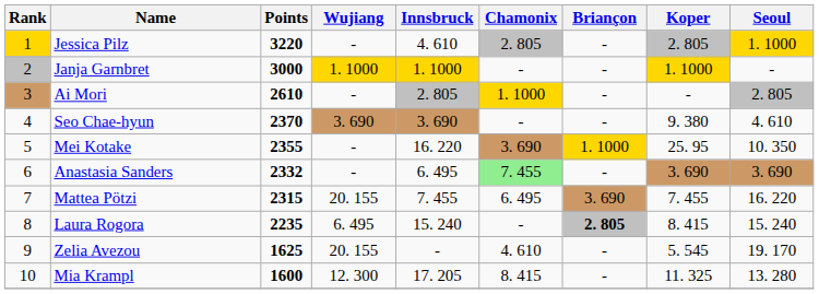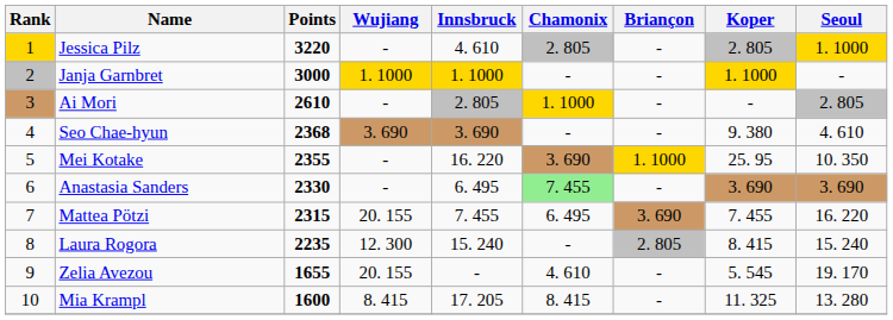 <table class="wikitable sortable">
 <tr>
 <th>Rank</th>
 <th width = "200">Name</th>
 <th>Points</th>
 <th width = "75" data-sort-type="number"><a href='#'>Wujiang</a></th>
 <th width = "75" data-sort-type="number"><a href='#'>Innsbruck</a></th>
 <th width = "75" data-sort-type="number"><a href='#'>Chamonix</a></th>
 <th width = "75" data-sort-type="number"><a href='#'>Briançon</a></th>
 <th width = "75" data-sort-type="number"><a href='#'>Koper</a></th>
 <th width = "75" data-sort-type="number"><a href='#'>Seoul</a></th>
 </tr>
 <tr>
 <td align="center" style="background: gold">1</td>
 <td> <a href='#'>Jessica Pilz</a></td>
 <td align="center"><strong>3220</strong></td>
 <td align="center">-</td>
 <td align="center">4. 610</td>
 <td align="center" style="background: silver">2. 805</td>
 <td align="center">-</td>
 <td align="center" style="background: silver">2. 805</td>
 <td align="center" style="background: gold">1. 1000</td>
 </tr>
 <tr>
 <td align="center" style="background: silver">2</td>
 <td> <a href='#'>Janja Garnbret</a></td>
 <td align="center"><strong>3000</strong></td>
 <td align="center" style="background: gold">1. 1000</td>
 <td align="center" style="background: gold">1. 1000</td>
 <td align="center">-</td>
 <td align="center">-</td>
 <td align="center" style="background: gold">1. 1000</td>
 <td align="center">-</td>
 </tr>
 <tr>
 <td align="center" style="background: #cc9966">3</td>
 <td> <a href='#'>Ai Mori</a></td>
 <td align="center"><strong>2610</strong></td>
 <td align="center">-</td>
 <td align="center" style="background: silver">2. 805</td>
 <td align="center" style="background: gold">1. 1000</td>
 <td align="center">-</td>
 <td align="center">-</td>
 <td align="center" style="background: silver">2. 805</td>
 </tr>
 <tr>
 <td align="center">4</td>
 <td> <a href='#'>Seo Chae-hyun</a></td>
-<td align="center"><strong>2370</strong></td>
+<td align="center"><strong>2368</strong></td>
 <td align="center" style="background: #cc9966">3. 690</td>
 <td align="center" style="background: #cc9966">3. 690</td>
 <td align="center">-</td>
 <td align="center">-</td>
 <td align="center">9. 380</td>
 <td align="center">4. 610</td>
 </tr>
 <tr>
 <td align="center">5</td>
 <td> <a href='#'>Mei Kotake</a></td>
 <td align="center"><strong>2355</strong></td>
 <td align="center">-</td>
 <td align="center">16. 220</td>
 <td align="center" style="background: #cc9966">3. 690</td>
 <td align="center" style="background: gold">1. 1000</td>
 <td align="center">25. 95</td>
 <td align="center">10. 350</td>
 </tr>
 <tr>
 <td align="center">6</td>
 <td> <a href='#'>Anastasia Sanders</a></td>
-<td align="center"><strong>2332</strong></td>
+<td align="center"><strong>2330</strong></td>
 <td align="center">-</td>
 <td align="center">6. 495</td>
 <td align="center" style="background: lightgreen;">7. 455</td>
 <td align="center">-</td>
 <td align="center" style="background: #cc9966">3. 690</td>
 <td align="center" style="background: #cc9966">3. 690</td>
 </tr>
 <tr>
 <td align="center">7</td>
 <td> <a href='#'>Mattea Pötzi</a></td>
 <td align="center"><strong>2315</strong></td>
 <td align="center">20. 155</td>
 <td align="center">7. 455</td>
 <td align="center">6. 495</td>
 <td align="center" style="background: #cc9966">3. 690</td>
 <td align="center">7. 455</td>
 <td align="center">16. 220</td>
 </tr>
 <tr>
 <td align="center">8</td>
 <td> <a href='#'>Laura Rogora</a></td>
 <td align="center"><strong>2235</strong></td>
-<td align="center">6. 495</td>
+<td align="center">12. 300</td>
 <td align="center">15. 240</td>
 <td align="center">-</td>
-<td align="center" style="background: silver"><strong>2. 805</strong></td>
+<td align="center" style="background: silver">2. 805</td>
 <td align="center">8. 415</td>
 <td align="center">15. 240</td>
 </tr>
 <tr>
 <td align="center">9</td>
 <td> <a href='#'>Zelia Avezou</a></td>
-<td align="center"><strong>1625</strong></td>
+<td align="center"><strong>1655</strong></td>
 <td align="center">20. 155</td>
 <td align="center">-</td>
 <td align="center">4. 610</td>
 <td align="center">-</td>
 <td align="center">5. 545</td>
 <td align="center">19. 170</td>
 </tr>
 <tr>
 <td align="center">10</td>
 <td> <a href='#'>Mia Krampl</a></td>
 <td align="center"><strong>1600</strong></td>
-<td align="center">12. 300</td>
+<td align="center">8. 415</td>
 <td align="center">17. 205</td>
 <td align="center">8. 415</td>
 <td align="center">-</td>
 <td align="center">11. 325</td>
 <td align="center">13. 280</td>
 </tr>
 <tr>
 </tr>
 </table>
